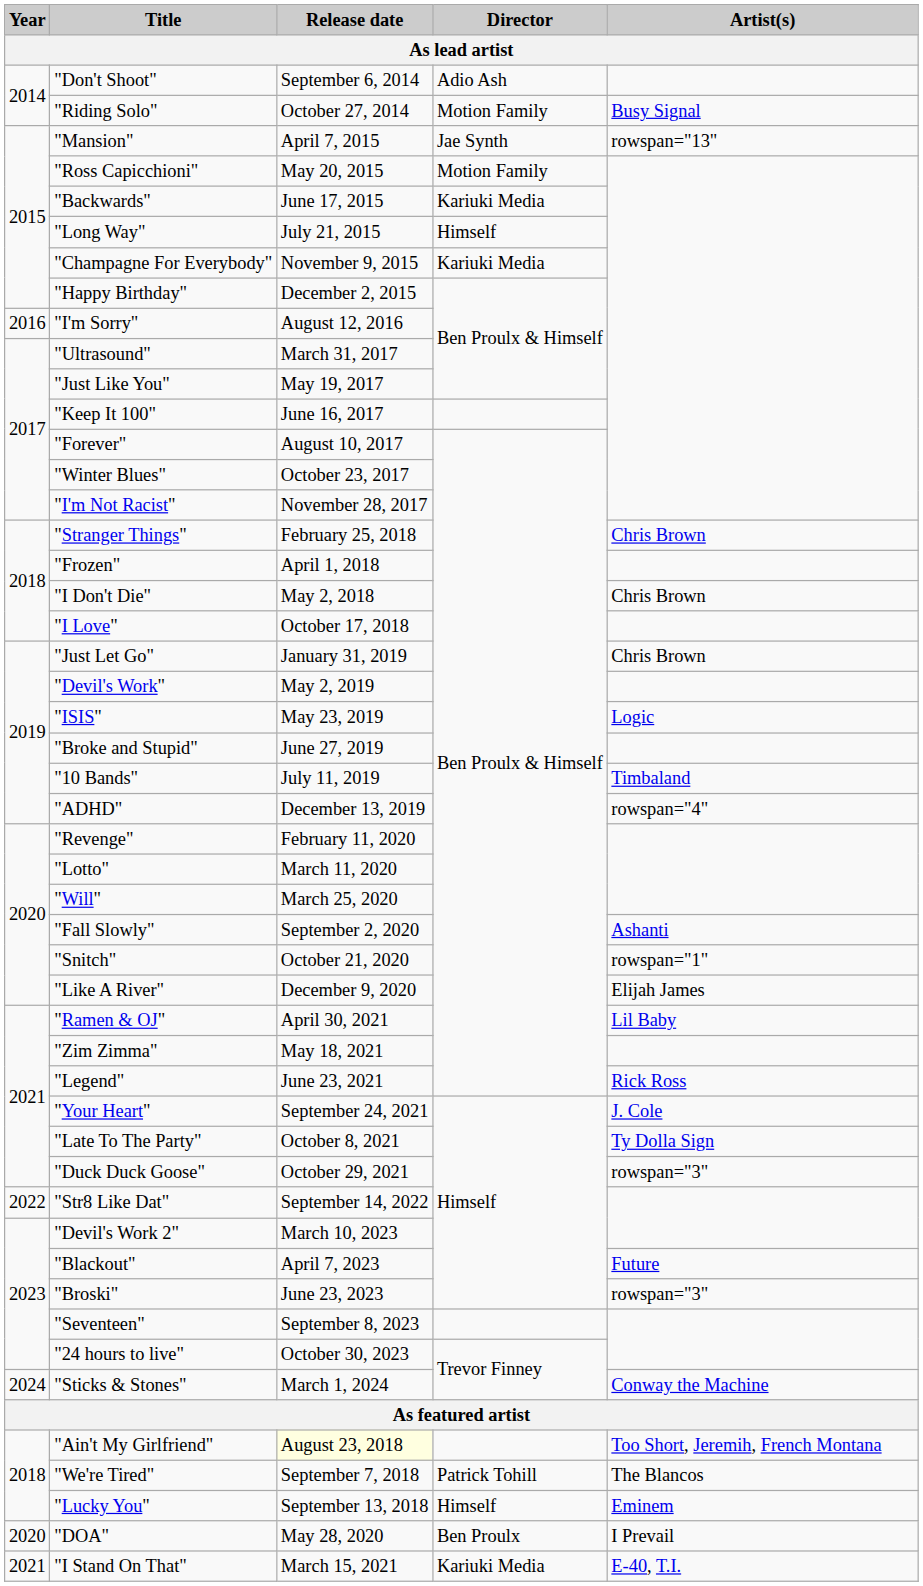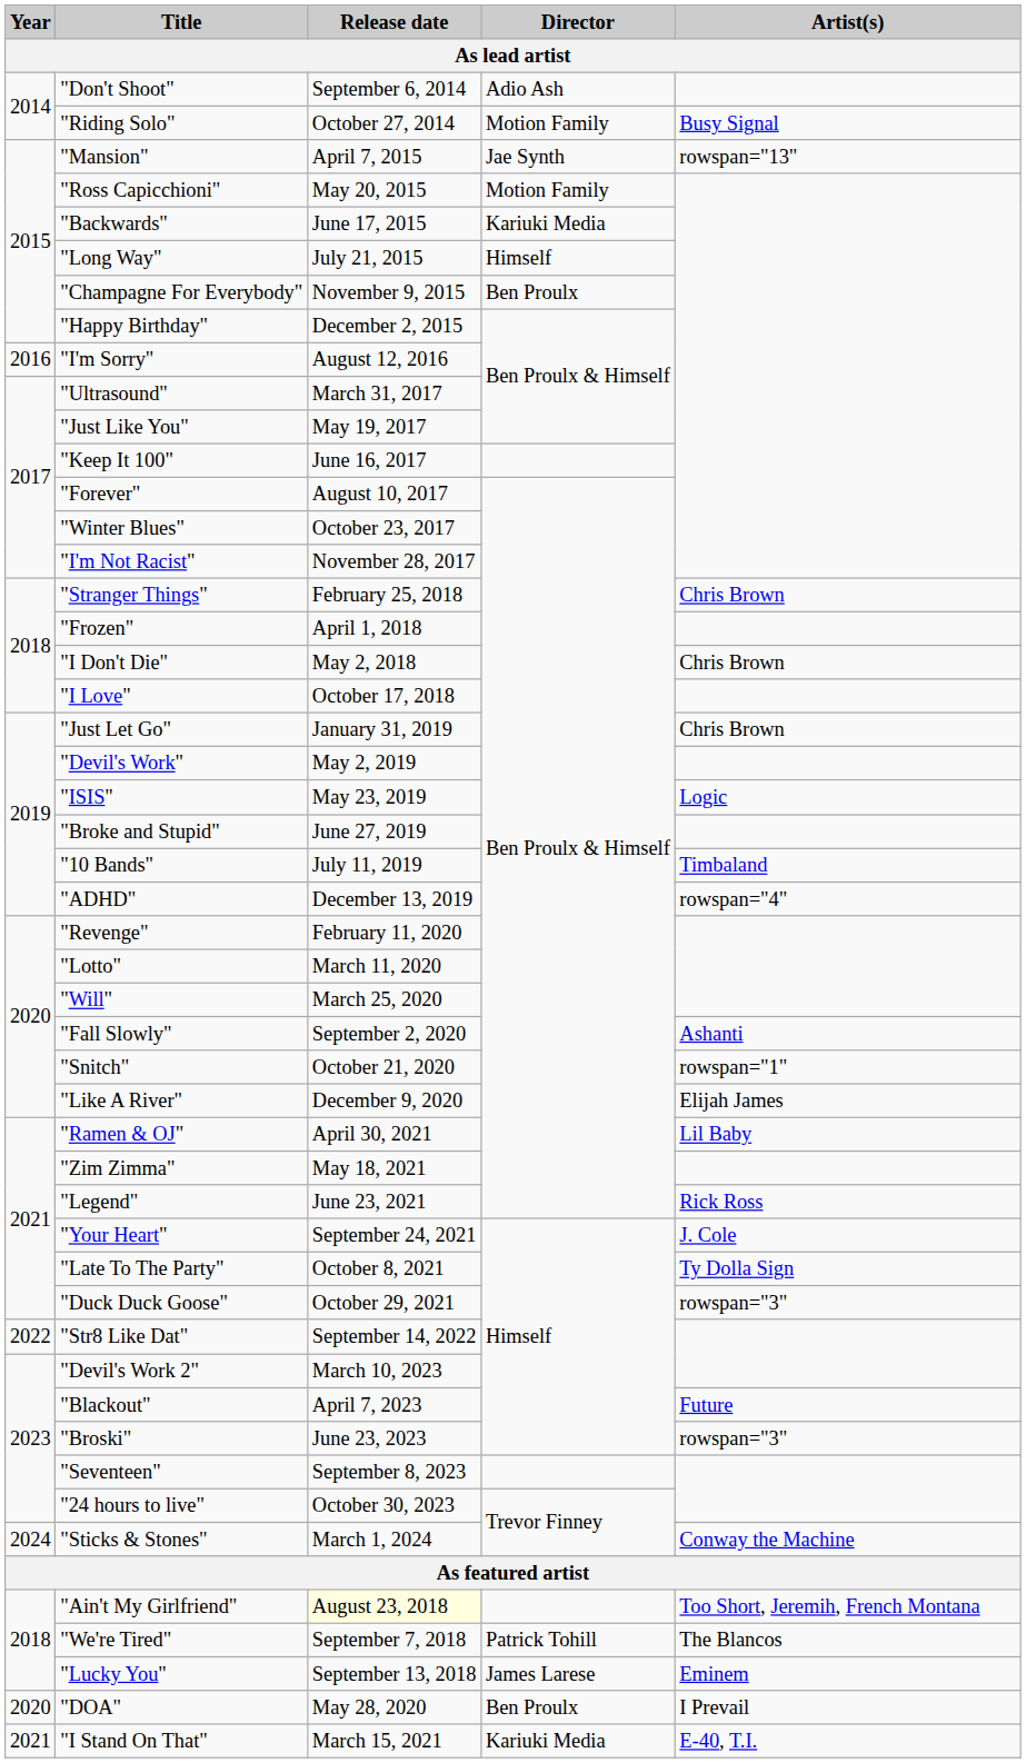 <table class="wikitable" style="font-size:95%">
 <tr>
 <th style="background:#ccc;">Year</th>
 <th style="background:#ccc;">Title</th>
 <th style="background:#ccc;">Release date</th>
 <th style="background:#ccc;">Director</th>
 <th style="background:#ccc; width:250px;">Artist(s)</th>
 </tr>
 <tr>
 <th scope="col" colspan="5">As lead artist</th>
 </tr>
 <tr>
 <td rowspan="2">2014</td>
 <td>"Don't Shoot"</td>
 <td>September 6, 2014</td>
 <td>Adio Ash</td>
 <td></td>
 </tr>
 <tr joyner>
 <td>"Riding Solo"</td>
 <td>October 27, 2014</td>
 <td>Motion Family</td>
 <td><a href='#'>Busy Signal</a></td>
 </tr>
 <tr>
 <td rowspan="6">2015</td>
 <td>"Mansion"</td>
 <td>April 7, 2015</td>
 <td>Jae Synth</td>
 <td>rowspan="13" </td>
 </tr>
 <tr>
 <td>"Ross Capicchioni"</td>
 <td>May 20, 2015</td>
 <td>Motion Family</td>
 </tr>
 <tr>
 <td>"Backwards"</td>
 <td>June 17, 2015</td>
 <td>Kariuki Media</td>
 </tr>
 <tr>
 <td>"Long Way"</td>
 <td>July 21, 2015</td>
 <td>Himself</td>
 </tr>
 <tr>
 <td>"Champagne For Everybody"</td>
 <td>November 9, 2015</td>
-<td>Kariuki Media</td>
+<td>Ben Proulx</td>
 </tr>
 <tr>
 <td>"Happy Birthday"</td>
 <td>December 2, 2015</td>
 <td rowspan="4">Ben Proulx & Himself</td>
 </tr>
 <tr>
 <td>2016</td>
 <td>"I'm Sorry"</td>
 <td>August 12, 2016</td>
 </tr>
 <tr>
 <td rowspan="6">2017</td>
 <td>"Ultrasound"</td>
 <td>March 31, 2017</td>
 </tr>
 <tr>
 <td>"Just Like You"</td>
 <td>May 19, 2017</td>
 </tr>
 <tr>
 <td>"Keep It 100"</td>
 <td>June 16, 2017</td>
 <td></td>
 </tr>
 <tr>
 <td>"Forever"</td>
 <td>August 10, 2017</td>
 <td rowspan="22">Ben Proulx & Himself</td>
 </tr>
 <tr>
 <td>"Winter Blues"</td>
 <td>October 23, 2017</td>
 </tr>
 <tr>
 <td>"<a href='#'>I'm Not Racist</a>"</td>
 <td>November 28, 2017</td>
 </tr>
 <tr>
 <td rowspan="4">2018</td>
 <td>"<a href='#'>Stranger Things</a>"</td>
 <td>February 25, 2018</td>
 <td><a href='#'>Chris Brown</a></td>
 </tr>
 <tr>
 <td>"Frozen"</td>
 <td>April 1, 2018</td>
 <td></td>
 </tr>
 <tr>
 <td>"I Don't Die"</td>
 <td>May 2, 2018</td>
 <td>Chris Brown</td>
 </tr>
 <tr>
 <td>"<a href='#'>I Love</a>"</td>
 <td>October 17, 2018</td>
 <td></td>
 </tr>
 <tr>
 <td rowspan="6">2019</td>
 <td>"Just Let Go"</td>
 <td>January 31, 2019</td>
 <td>Chris Brown</td>
 </tr>
 <tr>
 <td>"<a href='#'>Devil's Work</a>"</td>
 <td>May 2, 2019</td>
 <td></td>
 </tr>
 <tr>
 <td>"<a href='#'>ISIS</a>"</td>
 <td>May 23, 2019</td>
 <td><a href='#'>Logic</a></td>
 </tr>
 <tr>
 <td>"Broke and Stupid"</td>
 <td>June 27, 2019</td>
 <td></td>
 </tr>
 <tr>
 <td>"10 Bands"</td>
 <td>July 11, 2019</td>
 <td><a href='#'>Timbaland</a></td>
 </tr>
 <tr>
 <td>"ADHD"</td>
 <td>December 13, 2019</td>
 <td>rowspan="4" </td>
 </tr>
 <tr>
 <td rowspan="6">2020</td>
 <td>"Revenge"</td>
 <td>February 11, 2020</td>
 </tr>
 <tr>
 <td>"Lotto"</td>
 <td>March 11, 2020</td>
 </tr>
 <tr>
 <td>"<a href='#'>Will</a>"</td>
 <td>March 25, 2020</td>
 </tr>
 <tr>
 <td>"Fall Slowly"</td>
 <td>September 2, 2020</td>
 <td><a href='#'>Ashanti</a></td>
 </tr>
 <tr>
 <td>"Snitch"</td>
 <td>October 21, 2020</td>
 <td>rowspan="1" </td>
 </tr>
 <tr>
 <td>"Like A River"</td>
 <td>December 9, 2020</td>
 <td>Elijah James</td>
 </tr>
 <tr>
 <td rowspan="6">2021</td>
 <td>"<a href='#'>Ramen & OJ</a>"</td>
 <td>April 30, 2021</td>
 <td><a href='#'>Lil Baby</a></td>
 </tr>
 <tr>
 <td>"Zim Zimma"</td>
 <td>May 18, 2021</td>
 <td></td>
 </tr>
 <tr>
 <td>"Legend"</td>
 <td>June 23, 2021</td>
 <td><a href='#'>Rick Ross</a></td>
 </tr>
 <tr>
 <td>"<a href='#'>Your Heart</a>"</td>
 <td>September 24, 2021</td>
 <td rowspan="7">Himself</td>
 <td><a href='#'>J. Cole</a></td>
 </tr>
 <tr>
 <td>"Late To The Party"</td>
 <td>October 8, 2021</td>
 <td><a href='#'>Ty Dolla Sign</a></td>
 </tr>
 <tr>
 <td>"Duck Duck Goose"</td>
 <td>October 29, 2021</td>
 <td>rowspan="3" </td>
 </tr>
 <tr>
 <td>2022</td>
 <td>"Str8 Like Dat"</td>
 <td>September 14, 2022</td>
 </tr>
 <tr>
 <td rowspan="5">2023</td>
 <td>"Devil's Work 2"</td>
 <td>March 10, 2023</td>
 </tr>
 <tr>
 <td>"Blackout"</td>
 <td>April 7, 2023</td>
 <td><a href='#'>Future</a></td>
 </tr>
 <tr>
 <td>"Broski"</td>
 <td>June 23, 2023</td>
 <td>rowspan="3" </td>
 </tr>
 <tr>
 <td>"Seventeen"</td>
 <td>September 8, 2023</td>
 <td></td>
 </tr>
 <tr>
 <td>"24 hours to live"</td>
 <td>October 30, 2023</td>
 <td rowspan="2">Trevor Finney</td>
 </tr>
 <tr>
 <td rowspan="1">2024</td>
 <td>"Sticks & Stones"</td>
 <td>March 1, 2024</td>
 <td><a href='#'>Conway the Machine</a></td>
 </tr>
 <tr>
 <th scope="col" colspan="5">As featured artist</th>
 </tr>
 <tr>
 <td rowspan="3">2018</td>
 <td>"Ain't My Girlfriend"</td>
 <td style="background: lightyellow;">August 23, 2018</td>
 <td></td>
 <td><a href='#'>Too Short</a>, <a href='#'>Jeremih</a>, <a href='#'>French Montana</a></td>
 </tr>
 <tr>
 <td>"We're Tired"</td>
 <td>September 7, 2018</td>
 <td>Patrick Tohill</td>
 <td>The Blancos</td>
 </tr>
 <tr>
 <td>"<a href='#'>Lucky You</a>"</td>
 <td>September 13, 2018</td>
-<td>Himself</td>
+<td>James Larese</td>
 <td><a href='#'>Eminem</a></td>
 </tr>
 <tr>
 <td>2020</td>
 <td>"DOA"</td>
 <td>May 28, 2020</td>
 <td>Ben Proulx</td>
 <td>I Prevail</td>
 </tr>
 <tr>
 <td>2021</td>
 <td>"I Stand On That"</td>
 <td>March 15, 2021</td>
 <td>Kariuki Media</td>
 <td><a href='#'>E-40</a>, <a href='#'>T.I.</a></td>
 </tr>
 </table>
